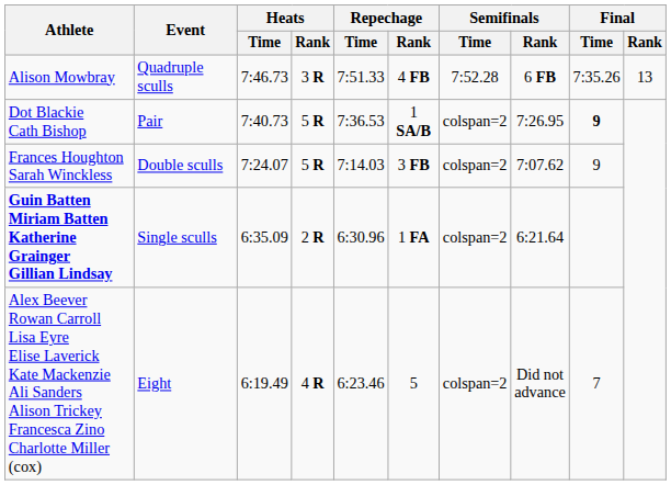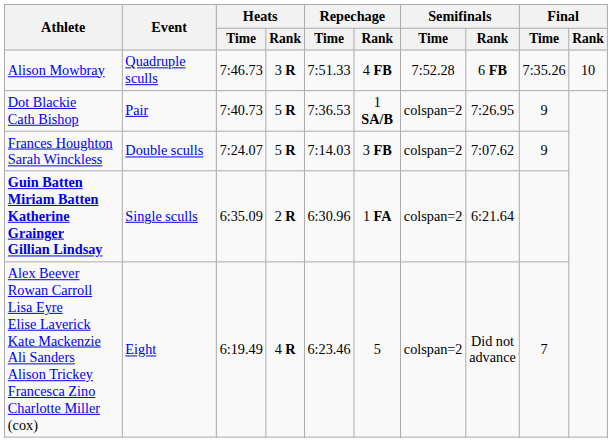 <table class="wikitable" style="font-size:90%">
 <tr>
 <th rowspan="2">Athlete</th>
 <th rowspan="2">Event</th>
 <th colspan="2">Heats</th>
 <th colspan="2">Repechage</th>
 <th colspan="2">Semifinals</th>
 <th colspan="2">Final</th>
 </tr>
 <tr style="font-size:95%">
 <th>Time</th>
 <th>Rank</th>
 <th>Time</th>
 <th>Rank</th>
 <th>Time</th>
 <th>Rank</th>
 <th>Time</th>
 <th>Rank</th>
 </tr>
 <tr align=center>
 <td align=left><a href='#'>Alison Mowbray</a></td>
 <td align=left><a href='#'>Quadruple sculls</a></td>
 <td>7:46.73</td>
 <td>3 <strong>R</strong></td>
 <td>7:51.33</td>
 <td>4 <strong>FB</strong></td>
 <td>7:52.28</td>
 <td>6 <strong>FB</strong></td>
 <td>7:35.26</td>
-<td>13</td>
+<td>10</td>
 </tr>
 <tr align=center>
 <td align=left><a href='#'>Dot Blackie</a><br><a href='#'>Cath Bishop</a></td>
 <td align=left><a href='#'>Pair</a></td>
 <td>7:40.73</td>
 <td>5 <strong>R</strong></td>
 <td>7:36.53</td>
 <td>1 <strong>SA/B</strong></td>
 <td>colspan=2 </td>
 <td>7:26.95</td>
-<td><strong>9</strong></td>
+<td>9</td>
 </tr>
 <tr align=center>
 <td align=left><a href='#'>Frances Houghton</a><br><a href='#'>Sarah Winckless</a></td>
 <td align=left><a href='#'>Double sculls</a></td>
 <td>7:24.07</td>
 <td>5 <strong>R</strong></td>
 <td>7:14.03</td>
 <td>3 <strong>FB</strong></td>
 <td>colspan=2 </td>
 <td>7:07.62</td>
 <td>9</td>
 </tr>
 <tr align=center>
 <td align=left><strong><a href='#'>Guin Batten</a><br><a href='#'>Miriam Batten</a><br><a href='#'>Katherine Grainger</a><br><a href='#'>Gillian Lindsay</a></strong></td>
 <td align=left><a href='#'>Single sculls</a></td>
 <td>6:35.09</td>
 <td>2 <strong>R</strong></td>
 <td>6:30.96</td>
 <td>1 <strong>FA</strong></td>
 <td>colspan=2 </td>
 <td>6:21.64</td>
 <td></td>
 </tr>
 <tr align=center>
 <td align=left><a href='#'>Alex Beever</a><br><a href='#'>Rowan Carroll</a><br><a href='#'>Lisa Eyre</a><br><a href='#'>Elise Laverick</a><br><a href='#'>Kate Mackenzie</a><br><a href='#'>Ali Sanders</a><br><a href='#'>Alison Trickey</a><br><a href='#'>Francesca Zino</a><br><a href='#'>Charlotte Miller</a> (cox)</td>
 <td align=left><a href='#'>Eight</a></td>
 <td>6:19.49</td>
 <td>4 <strong>R</strong></td>
 <td>6:23.46</td>
 <td>5</td>
 <td>colspan=2 </td>
 <td>Did not<br>advance</td>
 <td>7</td>
 </tr>
 </table>
